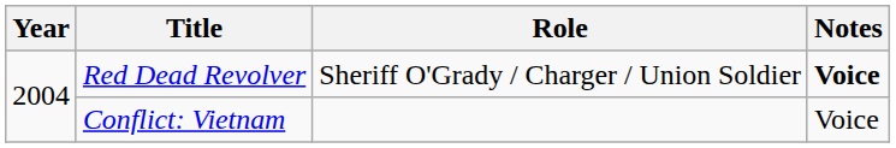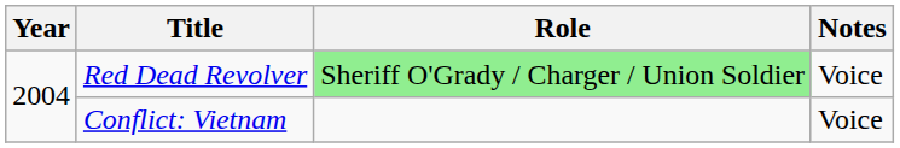 <table class="wikitable">
 <tr>
 <th>Year</th>
 <th>Title</th>
 <th>Role</th>
 <th>Notes</th>
 </tr>
 <tr>
 <td rowspan=2>2004</td>
 <td><em><a href='#'>Red Dead Revolver</a></em></td>
-<td>Sheriff O'Grady / Charger / Union Soldier</td>
-<td><strong>Voice</strong></td>
+<td style="background: lightgreen;">Sheriff O'Grady / Charger / Union Soldier</td>
+<td>Voice</td>
 </tr>
 <tr>
 <td><em><a href='#'>Conflict: Vietnam</a></em></td>
 <td></td>
 <td>Voice</td>
 </tr>
 </table>
